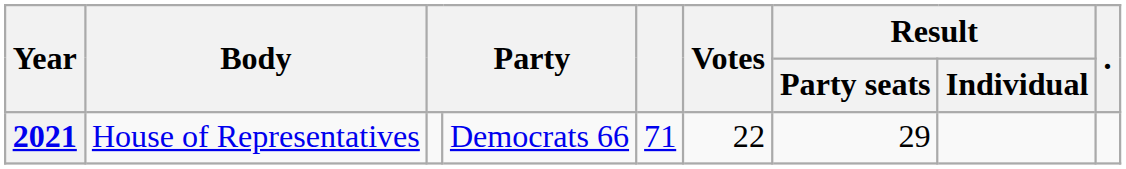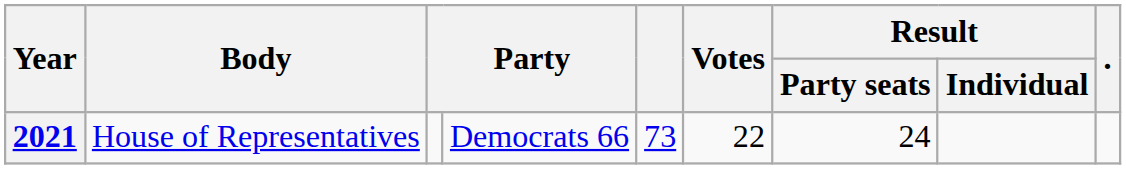 <table class="wikitable plainrowheaders sortable" border=2 cellpadding=4 cellspacing=0 style="border: 1px #aaa solid; font-size: 90%; text-align:center;">
 <tr>
 <th scope="col" rowspan=2>Year</th>
 <th scope="col" rowspan=2>Body</th>
 <th scope="col" colspan=2 rowspan=2>Party</th>
 <th scope="col" rowspan=2></th>
 <th scope="col" rowspan=2>Votes</th>
 <th scope="colgroup" colspan=2>Result</th>
 <th scope="col" rowspan=2 class="unsortable">.</th>
 </tr>
 <tr>
 <th scope="col">Party seats</th>
 <th scope="col">Individual</th>
 </tr>
 <tr>
 <th scope="row"><a href='#'>2021</a></th>
 <td><a href='#'>House of Representatives</a></td>
 <td style="background-color:"></td>
 <td><a href='#'>Democrats 66</a></td>
-<td style=text-align:right><a href='#'>71</a></td>
+<td style=text-align:right><a href='#'>73</a></td>
 <td style=text-align:right>22</td>
-<td style=text-align:right>29</td>
+<td style=text-align:right>24</td>
 <td></td>
 <td></td>
 </tr>
 </table>
